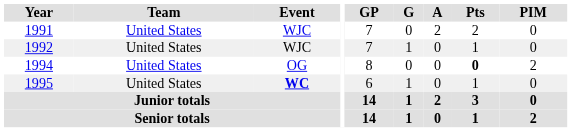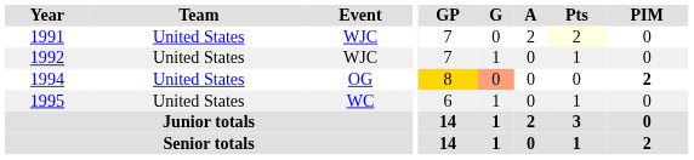 <table border="0" cellpadding="1" cellspacing="0" ID="Table3" style="text-align:center; width:40em">
 <tr ALIGN="center" bgcolor="#e0e0e0">
 <th>Year</th>
 <th>Team</th>
 <th>Event</th>
 <th rowspan="99" bgcolor="#ffffff"></th>
 <th>GP</th>
 <th>G</th>
 <th>A</th>
 <th>Pts</th>
 <th>PIM</th>
 </tr>
 <tr>
 <td><a href='#'>1991</a></td>
 <td><a href='#'>United States</a></td>
 <td><a href='#'>WJC</a></td>
 <td>7</td>
 <td>0</td>
 <td>2</td>
-<td>2</td>
+<td style="background: lightyellow;">2</td>
 <td>0</td>
 </tr>
 <tr bgcolor="#f0f0f0">
 <td><a href='#'>1992</a></td>
 <td>United States</td>
 <td>WJC</td>
 <td>7</td>
 <td>1</td>
 <td>0</td>
 <td>1</td>
 <td>0</td>
 </tr>
 <tr>
 <td><a href='#'>1994</a></td>
 <td><a href='#'>United States</a></td>
 <td><a href='#'>OG</a></td>
-<td>8</td>
+<td style="background: gold;">8</td>
+<td style="background: lightsalmon;">0</td>
 <td>0</td>
 <td>0</td>
-<td><strong>0</strong></td>
-<td>2</td>
+<td><strong>2</strong></td>
 </tr>
 <tr bgcolor="#f0f0f0">
 <td><a href='#'>1995</a></td>
 <td>United States</td>
-<td><strong><a href='#'>WC</a></strong></td>
+<td><a href='#'>WC</a></td>
 <td>6</td>
 <td>1</td>
 <td>0</td>
 <td>1</td>
 <td>0</td>
 </tr>
 <tr bgcolor="#e0e0e0">
 <th colspan="3">Junior totals</th>
 <th>14</th>
 <th>1</th>
 <th>2</th>
 <th>3</th>
 <th>0</th>
 </tr>
 <tr bgcolor="#e0e0e0">
 <th colspan="3">Senior totals</th>
 <th>14</th>
 <th>1</th>
 <th>0</th>
 <th>1</th>
 <th>2</th>
 </tr>
 </table>
